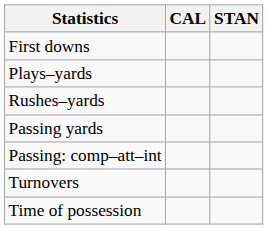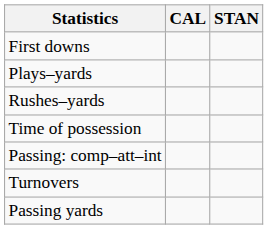 <table class="wikitable" style="float:left">
 <tr>
 <th>Statistics</th>
 <th>CAL</th>
 <th>STAN</th>
 </tr>
 <tr>
 <td>First downs</td>
 <td></td>
 <td></td>
 </tr>
 <tr>
 <td>Plays–yards</td>
 <td></td>
 <td></td>
 </tr>
 <tr>
 <td>Rushes–yards</td>
 <td></td>
 <td></td>
 </tr>
 <tr>
-<td>Passing yards</td>
+<td>Time of possession</td>
 <td></td>
 <td></td>
 </tr>
 <tr>
 <td>Passing: comp–att–int</td>
 <td></td>
 <td></td>
 </tr>
 <tr>
 <td>Turnovers</td>
 <td></td>
 <td></td>
 </tr>
 <tr>
-<td>Time of possession</td>
+<td>Passing yards</td>
 <td></td>
 <td></td>
 </tr>
 </table>
